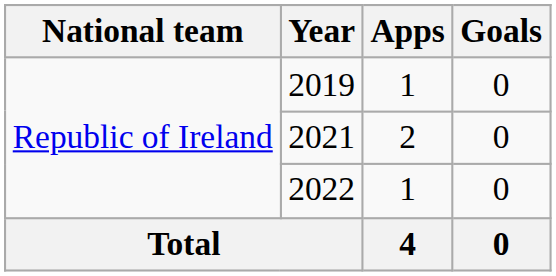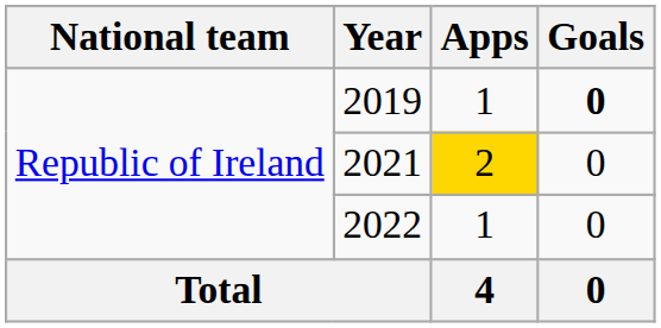 <table class="sortable wikitable" style="text-align:center">
 <tr>
 <th scope="col">National team</th>
 <th scope="col">Year</th>
 <th !scope="col">Apps</th>
 <th !scope="col">Goals</th>
 </tr>
 <tr>
 <td rowspan="3"><a href='#'>Republic of Ireland</a></td>
 <td scope="row">2019</td>
 <td>1</td>
-<td>0</td>
+<td><strong>0</strong></td>
 </tr>
 <tr>
 <td scope="row">2021</td>
-<td>2</td>
+<td style="background: gold;">2</td>
 <td>0</td>
 </tr>
 <tr>
 <td scope="row">2022</td>
 <td>1</td>
 <td>0</td>
 </tr>
 <tr>
 <th colspan="2">Total</th>
 <th>4</th>
 <th>0</th>
 </tr>
 </table>
